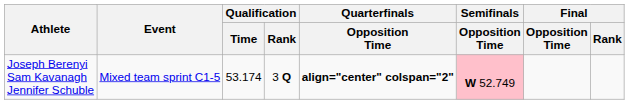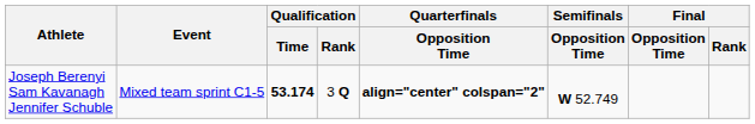 <table class=wikitable>
 <tr>
 <th rowspan="2">Athlete</th>
 <th rowspan="2">Event</th>
 <th colspan="2">Qualification</th>
 <th>Quarterfinals</th>
 <th>Semifinals</th>
 <th colspan="2">Final</th>
 </tr>
 <tr>
 <th>Time</th>
 <th>Rank</th>
 <th>Opposition<br>Time</th>
 <th>Opposition<br>Time</th>
 <th>Opposition<br>Time</th>
 <th>Rank</th>
 </tr>
 <tr>
 <td><a href='#'>Joseph Berenyi</a><br><a href='#'>Sam Kavanagh</a><br><a href='#'>Jennifer Schuble</a></td>
 <td><a href='#'>Mixed team sprint C1-5</a></td>
-<td style="text-align:center;">53.174</td>
+<td style="text-align:center;"><strong>53.174</strong></td>
 <td style="text-align:center;">3 <strong>Q</strong></td>
 <td><strong>align="center" colspan="2" </strong></td>
-<td style="background: pink; text-align:center;"><br><strong>W</strong> 52.749</td>
+<td style="text-align:center;"><br><strong>W</strong> 52.749</td>
 <td style="text-align:center;"></td>
 </tr>
 </table>
